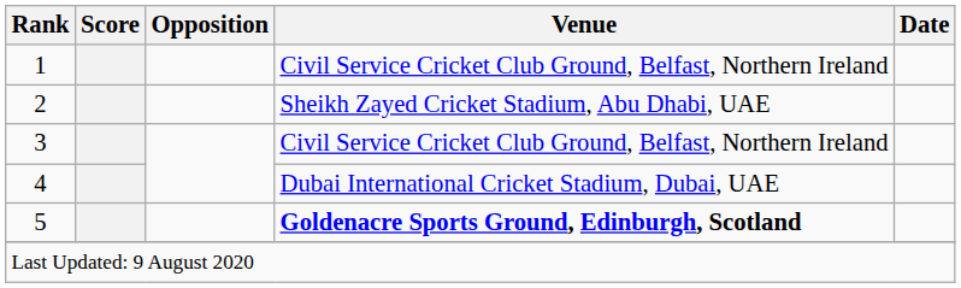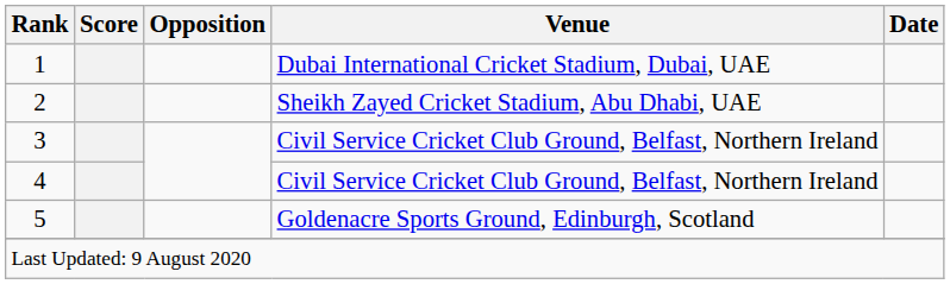 <table class="wikitable plainrowheaders sortable">
 <tr>
 <th scope=col>Rank</th>
 <th scope=col>Score</th>
 <th scope=col>Opposition</th>
 <th scope=col>Venue</th>
 <th scope=col>Date</th>
 </tr>
 <tr>
 <td align=center>1</td>
 <th scope=row style=text-align:center;></th>
 <td></td>
-<td><a href='#'>Civil Service Cricket Club Ground</a>, <a href='#'>Belfast</a>, Northern Ireland</td>
+<td><a href='#'>Dubai International Cricket Stadium</a>, <a href='#'>Dubai</a>, UAE</td>
 <td></td>
 </tr>
 <tr>
 <td align=center>2</td>
 <th scope=row style=text-align:center;></th>
 <td></td>
 <td><a href='#'>Sheikh Zayed Cricket Stadium</a>, <a href='#'>Abu Dhabi</a>, UAE</td>
 <td></td>
 </tr>
 <tr>
 <td align=center>3</td>
 <th scope=row style=text-align:center;></th>
 <td rowspan=2></td>
 <td><a href='#'>Civil Service Cricket Club Ground</a>, <a href='#'>Belfast</a>, Northern Ireland</td>
 <td></td>
 </tr>
 <tr>
 <td align=center>4</td>
 <th scope=row style=text-align:center;></th>
-<td><a href='#'>Dubai International Cricket Stadium</a>, <a href='#'>Dubai</a>, UAE</td>
+<td><a href='#'>Civil Service Cricket Club Ground</a>, <a href='#'>Belfast</a>, Northern Ireland</td>
 <td></td>
 </tr>
 <tr>
 <td align=center>5</td>
 <th scope=row style=text-align:center;></th>
 <td></td>
-<td><strong><a href='#'>Goldenacre Sports Ground</a>, <a href='#'>Edinburgh</a>, Scotland</strong></td>
+<td><a href='#'>Goldenacre Sports Ground</a>, <a href='#'>Edinburgh</a>, Scotland</td>
 <td></td>
 </tr>
 <tr>
 </tr>
 <tr class=sortbottom>
 <td colspan=5><small>Last Updated: 9 August 2020</small></td>
 </tr>
 </table>
